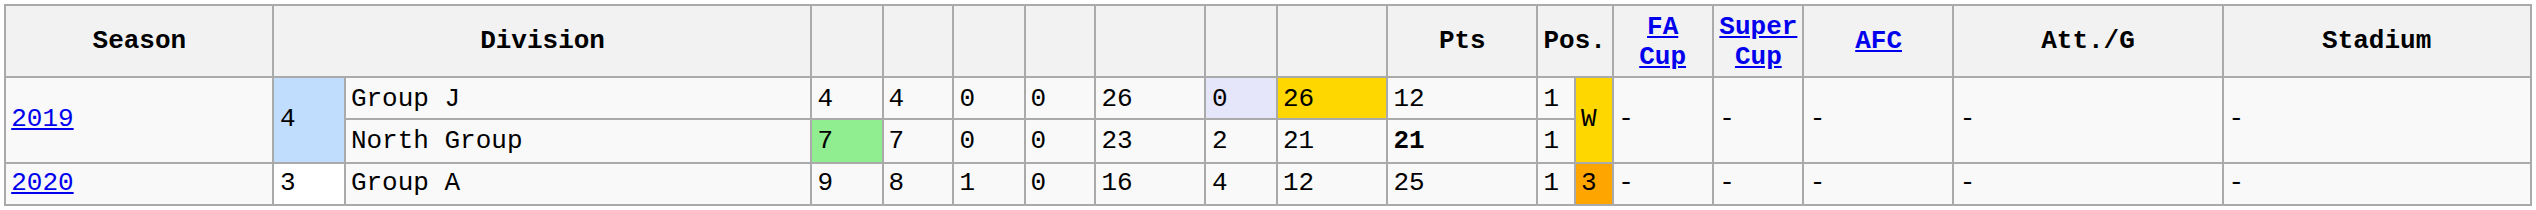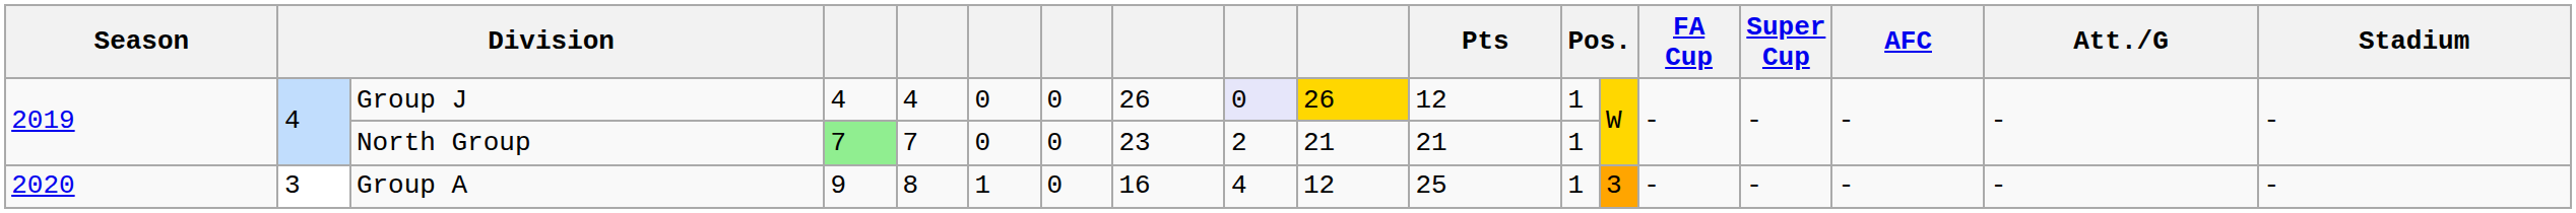 <table class="wikitable sortable" width="100%">
 <tr>
 <th>Season</th>
 <th colspan="2">Division</th>
 <th></th>
 <th></th>
 <th></th>
 <th></th>
 <th></th>
 <th></th>
 <th></th>
 <th>Pts</th>
 <th colspan="2" width="2%">Pos.</th>
 <th width=4%><a href='#'>FA Cup</a></th>
 <th width=2%><a href='#'>Super Cup</a></th>
 <th><a href='#'>AFC</a></th>
 <th>Att./G</th>
 <th>Stadium</th>
 </tr>
 <tr>
 <td rowspan="2"><a href='#'>2019</a></td>
 <td rowspan="2" bgcolor="#c1ddfd">4</td>
 <td>Group J</td>
 <td>4</td>
 <td>4</td>
 <td>0</td>
 <td>0</td>
 <td>26</td>
 <td style="background: lavender;">0</td>
 <td style="background: gold;">26</td>
 <td>12</td>
 <td>1</td>
 <td rowspan="2" bgcolor="#FFD700">W</td>
 <td rowspan="2">-</td>
 <td rowspan="2">-</td>
 <td rowspan="2">-</td>
 <td rowspan="2">-</td>
 <td rowspan="2">-</td>
 </tr>
 <tr>
 <td>North Group</td>
 <td style="background: lightgreen;">7</td>
 <td>7</td>
 <td>0</td>
 <td>0</td>
 <td>23</td>
 <td>2</td>
 <td>21</td>
-<td><strong>21</strong></td>
+<td>21</td>
 <td>1</td>
 </tr>
 <tr>
 <td rowspan="2"><a href='#'>2020</a></td>
 <td rowspan="2" bgcolor=#FFFFFF>3</td>
 <td>Group A</td>
 <td>9</td>
 <td>8</td>
 <td>1</td>
 <td>0</td>
 <td>16</td>
 <td>4</td>
 <td>12</td>
 <td>25</td>
 <td>1</td>
 <td bgcolor="#FFA500">3</td>
 <td>-</td>
 <td>-</td>
 <td>-</td>
 <td>-</td>
 <td>-</td>
 </tr>
 </table>
